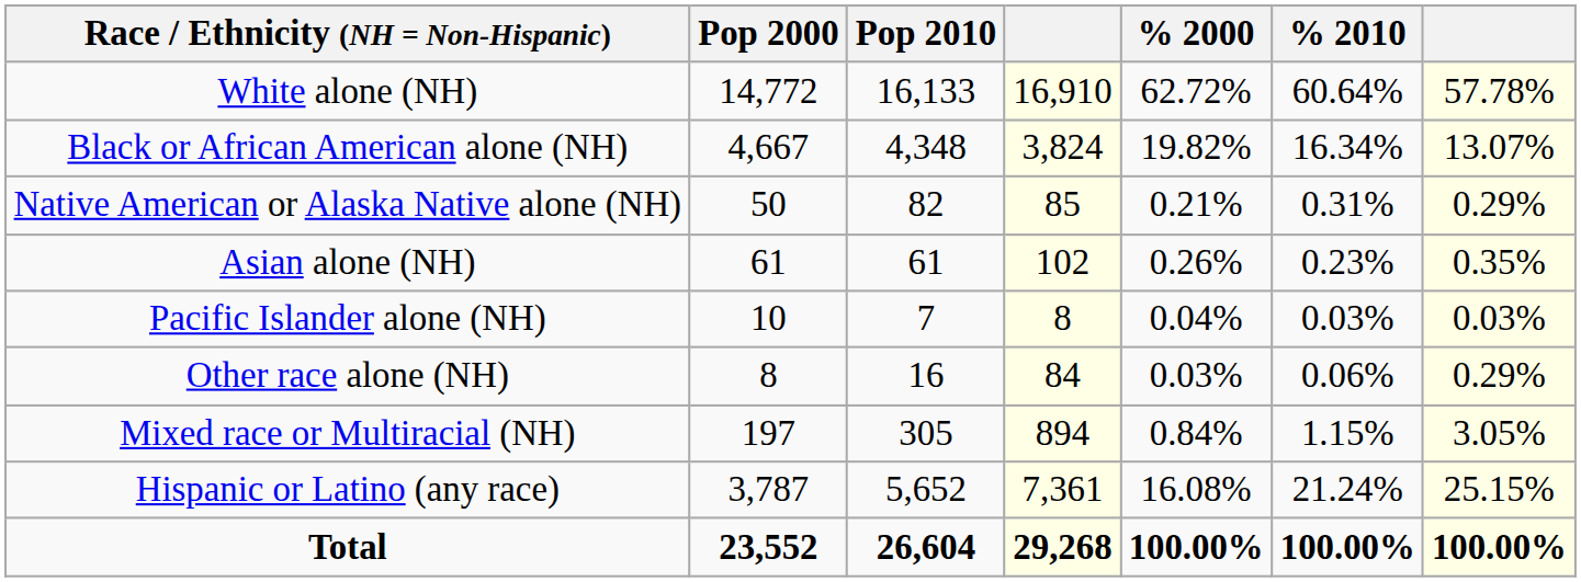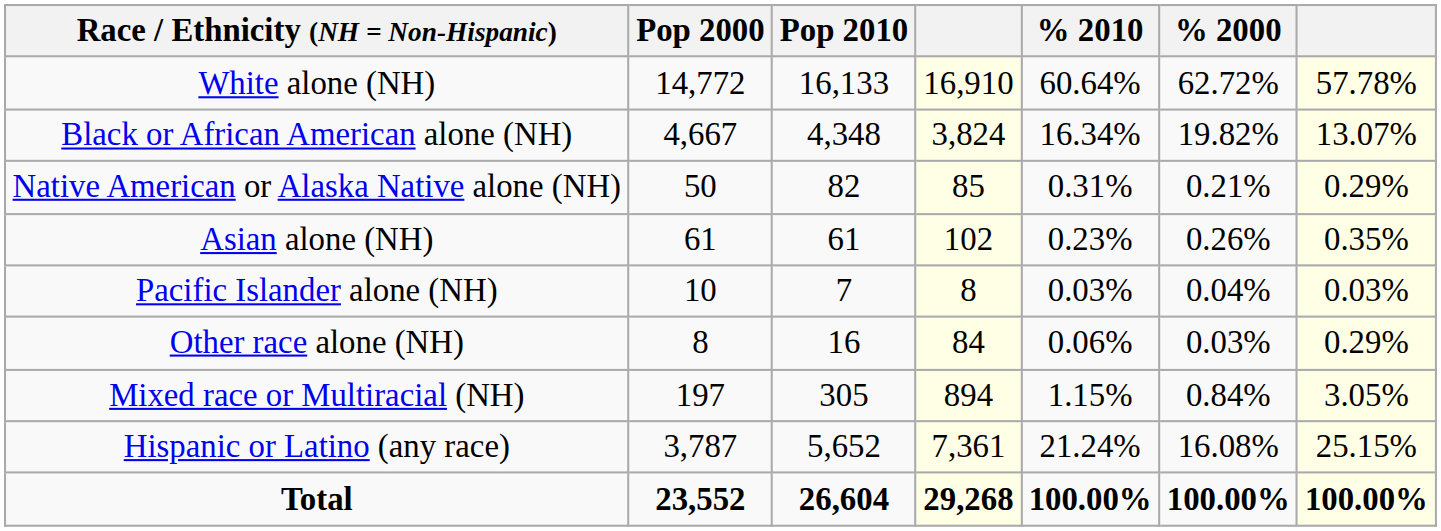 <table class="wikitable" style="text-align:center;">
 <tr>
 <th>Race / Ethnicity <small>(<em>NH = Non-Hispanic</em>)</small></th>
 <th>Pop 2000</th>
 <th>Pop 2010</th>
 <th></th>
+<th>% 2010</th>
 <th>% 2000</th>
-<th>% 2010</th>
 <th></th>
 </tr>
 <tr>
 <td><a href='#'>White</a> alone (NH)</td>
 <td>14,772</td>
 <td>16,133</td>
 <td style='background: #ffffe6;'>16,910</td>
+<td>60.64%</td>
 <td>62.72%</td>
-<td>60.64%</td>
 <td style='background: #ffffe6;'>57.78%</td>
 </tr>
 <tr>
 <td><a href='#'>Black or African American</a> alone (NH)</td>
 <td>4,667</td>
 <td>4,348</td>
 <td style='background: #ffffe6;'>3,824</td>
+<td>16.34%</td>
 <td>19.82%</td>
-<td>16.34%</td>
 <td style='background: #ffffe6;'>13.07%</td>
 </tr>
 <tr>
 <td><a href='#'>Native American</a> or <a href='#'>Alaska Native</a> alone (NH)</td>
 <td>50</td>
 <td>82</td>
 <td style='background: #ffffe6;'>85</td>
+<td>0.31%</td>
 <td>0.21%</td>
-<td>0.31%</td>
 <td style='background: #ffffe6;'>0.29%</td>
 </tr>
 <tr>
 <td><a href='#'>Asian</a> alone (NH)</td>
 <td>61</td>
 <td>61</td>
 <td style='background: #ffffe6;'>102</td>
+<td>0.23%</td>
 <td>0.26%</td>
-<td>0.23%</td>
 <td style='background: #ffffe6;'>0.35%</td>
 </tr>
 <tr>
 <td><a href='#'>Pacific Islander</a> alone (NH)</td>
 <td>10</td>
 <td>7</td>
 <td style='background: #ffffe6;'>8</td>
+<td>0.03%</td>
 <td>0.04%</td>
-<td>0.03%</td>
 <td style='background: #ffffe6;'>0.03%</td>
 </tr>
 <tr>
 <td><a href='#'>Other race</a> alone (NH)</td>
 <td>8</td>
 <td>16</td>
 <td style='background: #ffffe6;'>84</td>
+<td>0.06%</td>
 <td>0.03%</td>
-<td>0.06%</td>
 <td style='background: #ffffe6;'>0.29%</td>
 </tr>
 <tr>
 <td><a href='#'>Mixed race or Multiracial</a> (NH)</td>
 <td>197</td>
 <td>305</td>
 <td style='background: #ffffe6;'>894</td>
+<td>1.15%</td>
 <td>0.84%</td>
-<td>1.15%</td>
 <td style='background: #ffffe6;'>3.05%</td>
 </tr>
 <tr>
 <td><a href='#'>Hispanic or Latino</a> (any race)</td>
 <td>3,787</td>
 <td>5,652</td>
 <td style='background: #ffffe6;'>7,361</td>
+<td>21.24%</td>
 <td>16.08%</td>
-<td>21.24%</td>
 <td style='background: #ffffe6;'>25.15%</td>
 </tr>
 <tr>
 <td><strong>Total</strong></td>
 <td><strong>23,552</strong></td>
 <td><strong>26,604</strong></td>
 <td style='background: #ffffe6;'><strong>29,268</strong></td>
 <td><strong>100.00%</strong></td>
 <td><strong>100.00%</strong></td>
 <td style='background: #ffffe6;'><strong>100.00%</strong></td>
 </tr>
 </table>
